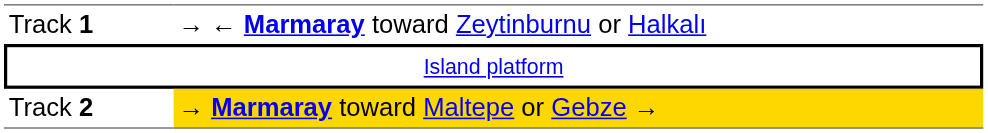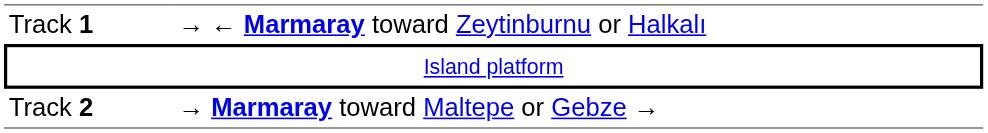 <table cellspacing=0 cellpadding=3>
 <tr>
 <td style="border-top:solid 1px gray;" width=100>Track <strong>1</strong></td>
 <td style="border-top:solid 1px gray;" width=500><span>→</span> ← <strong><a href='#'>Marmaray</a></strong> toward <a href='#'>Zeytinburnu</a> or <a href='#'>Halkalı</a></td>
 </tr>
 <tr>
 <td style="border-top:solid 2px black;border-right:solid 2px black;border-left:solid 2px black;border-bottom:solid 2px black;text-align:center;" colspan=2><small><a href='#'>Island platform</a> </small></td>
 </tr>
 <tr>
 <td style="border-bottom:solid 1px gray;" width=100>Track <strong>2</strong></td>
-<td style="background: gold; border-bottom:solid 1px gray;" width=500><span>→</span> <strong><a href='#'>Marmaray</a></strong> toward <a href='#'>Maltepe</a> or <a href='#'>Gebze</a> →</td>
+<td style="border-bottom:solid 1px gray;" width=500><span>→</span> <strong><a href='#'>Marmaray</a></strong> toward <a href='#'>Maltepe</a> or <a href='#'>Gebze</a> →</td>
 </tr>
 </table>
